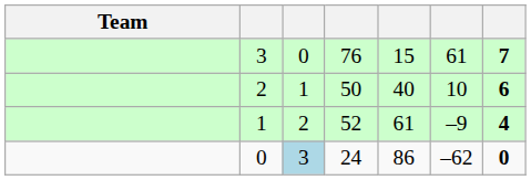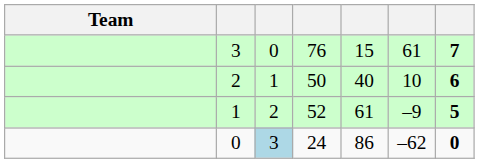 <table class="wikitable" style="text-align:center;">
 <tr>
 <th style="width:10.5em;">Team</th>
 <th style="width:1.5em;"></th>
 <th style="width:1.5em;"></th>
 <th style="width:2.0em;"></th>
 <th style="width:2.0em;"></th>
 <th style="width:2.0em;"></th>
 <th style="width:1.5em;"></th>
 </tr>
 <tr bgcolor=#cfc>
 <td align="left"></td>
 <td>3</td>
 <td>0</td>
 <td>76</td>
 <td>15</td>
 <td>61</td>
 <td><strong>7</strong></td>
 </tr>
 <tr bgcolor=#cfc>
 <td align="left"></td>
 <td>2</td>
 <td>1</td>
 <td>50</td>
 <td>40</td>
 <td>10</td>
 <td><strong>6</strong></td>
 </tr>
 <tr bgcolor=#cfc>
 <td align="left"></td>
 <td>1</td>
 <td>2</td>
 <td>52</td>
 <td>61</td>
 <td>–9</td>
-<td><strong>4</strong></td>
+<td><strong>5</strong></td>
 </tr>
 <tr>
 <td align="left"></td>
 <td>0</td>
 <td style="background: lightblue;">3</td>
 <td>24</td>
 <td>86</td>
 <td>–62</td>
 <td><strong>0</strong></td>
 </tr>
 </table>
